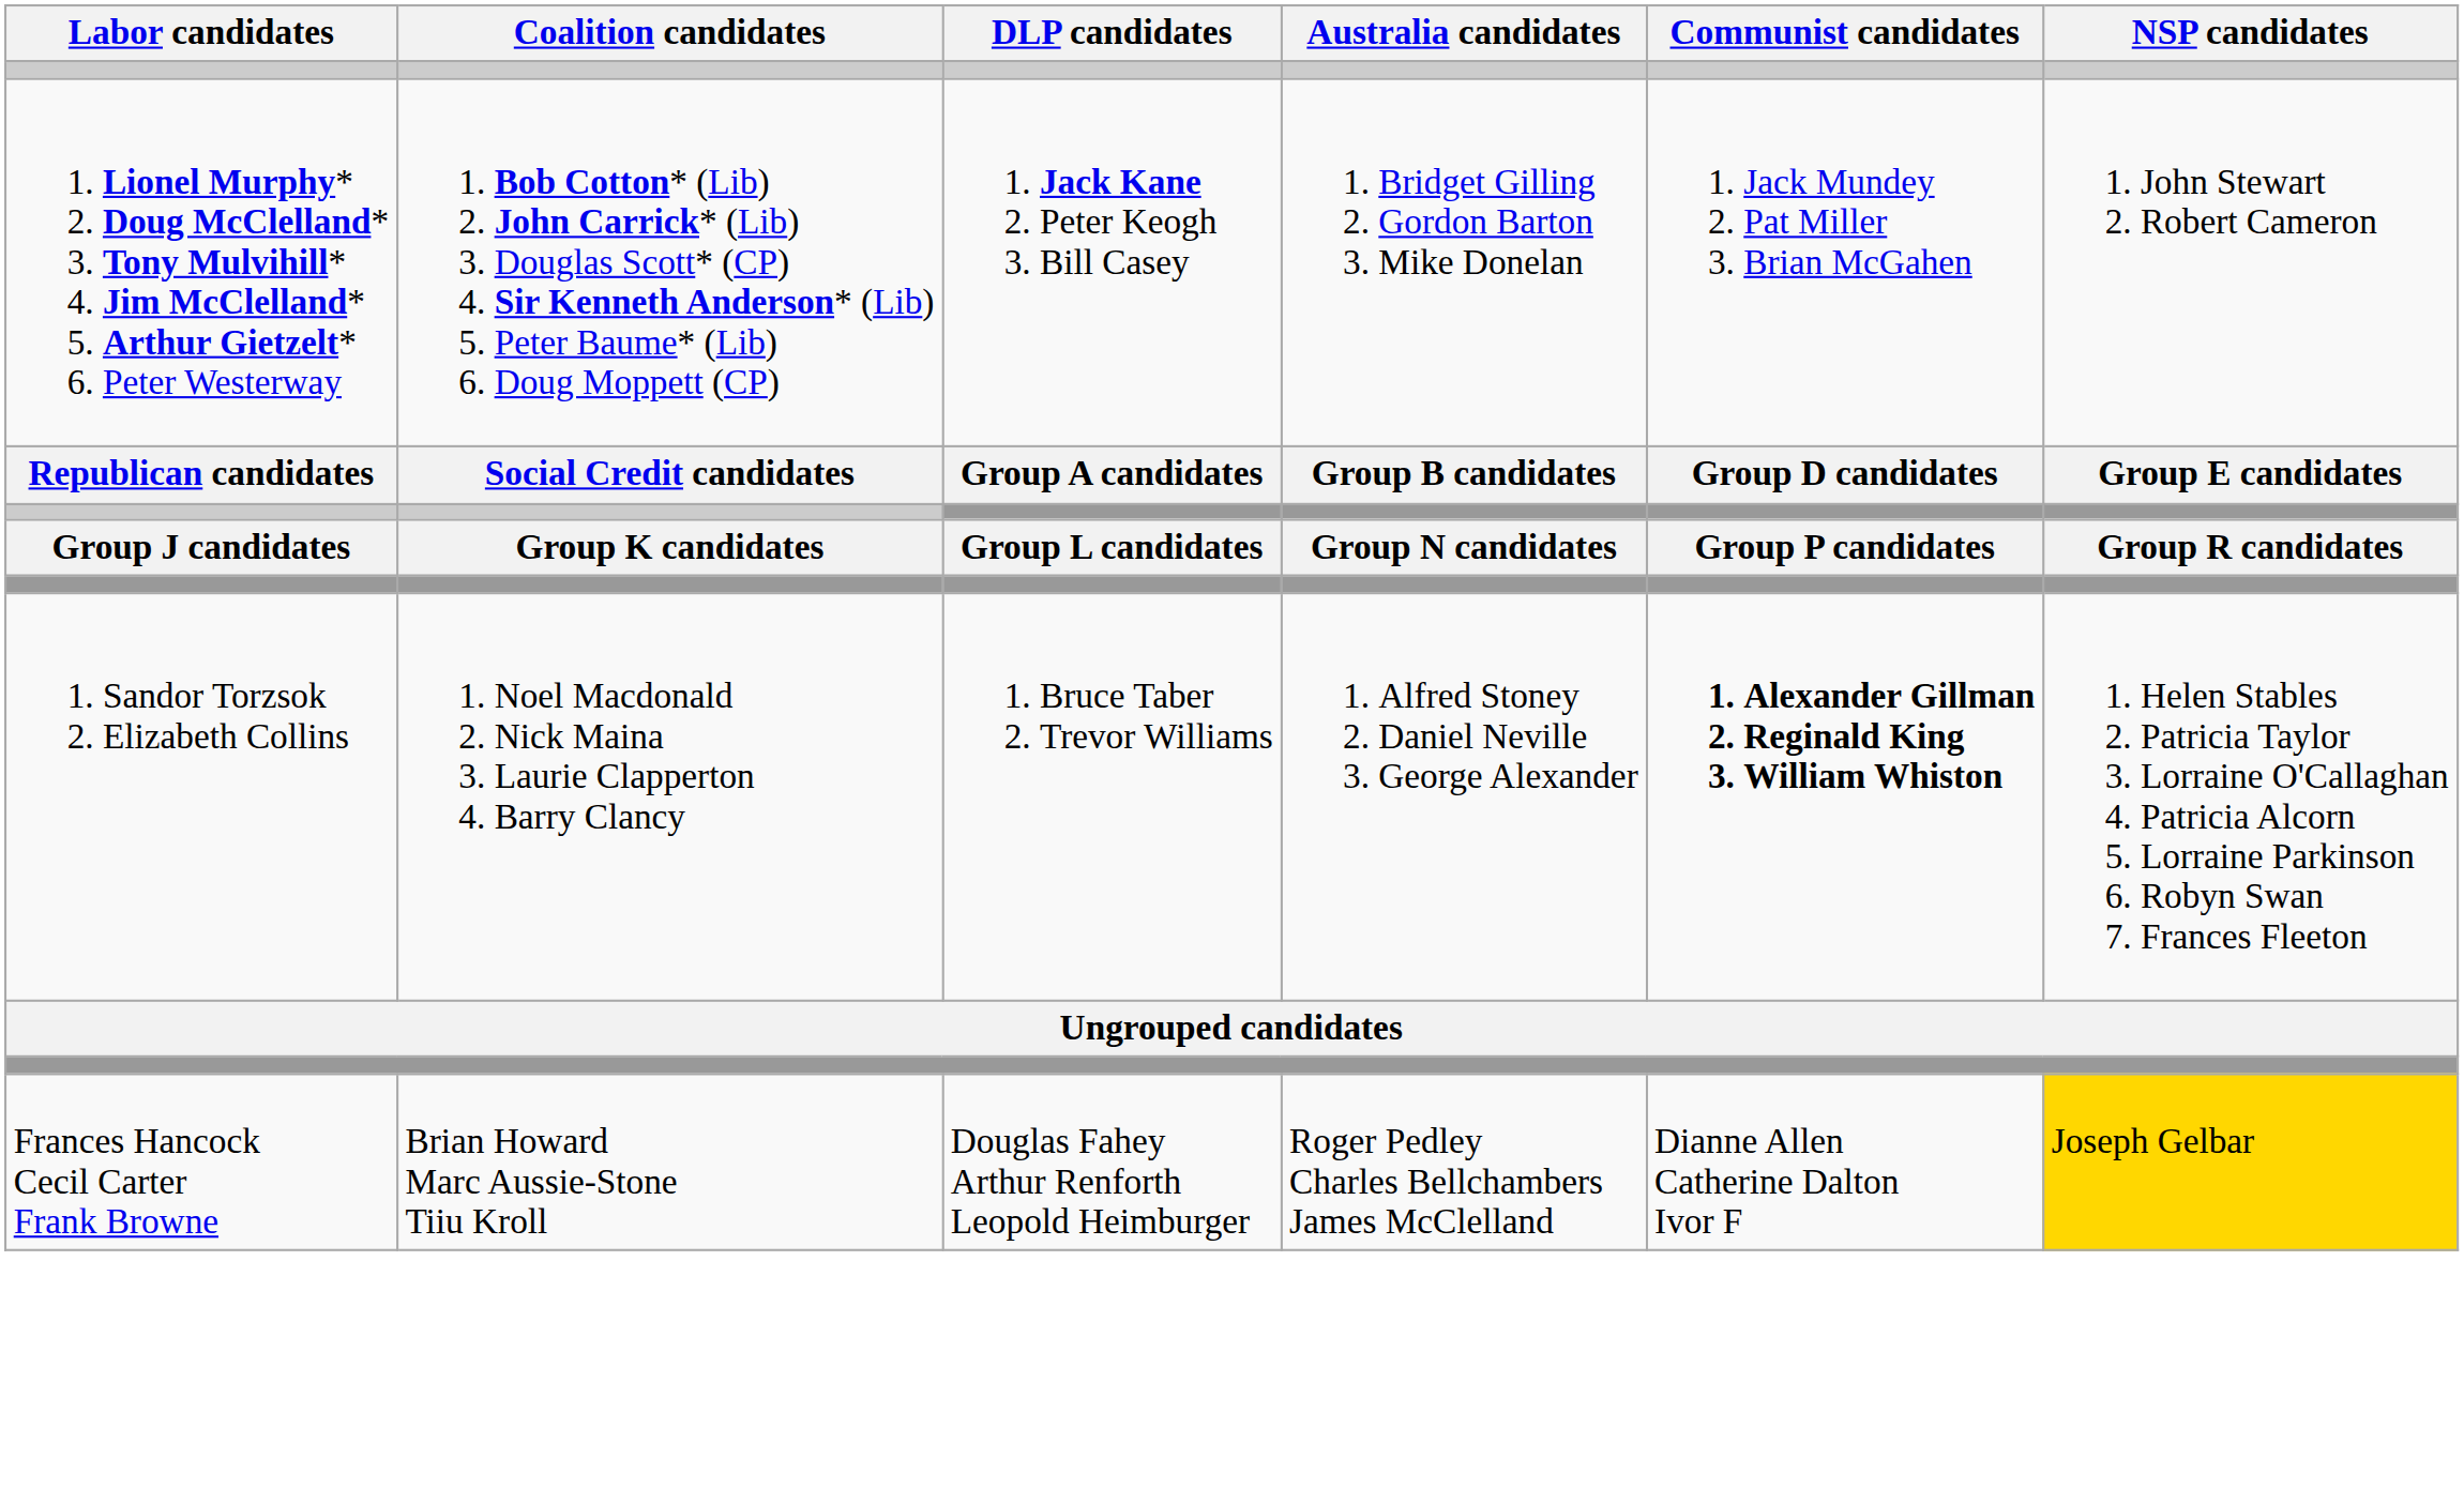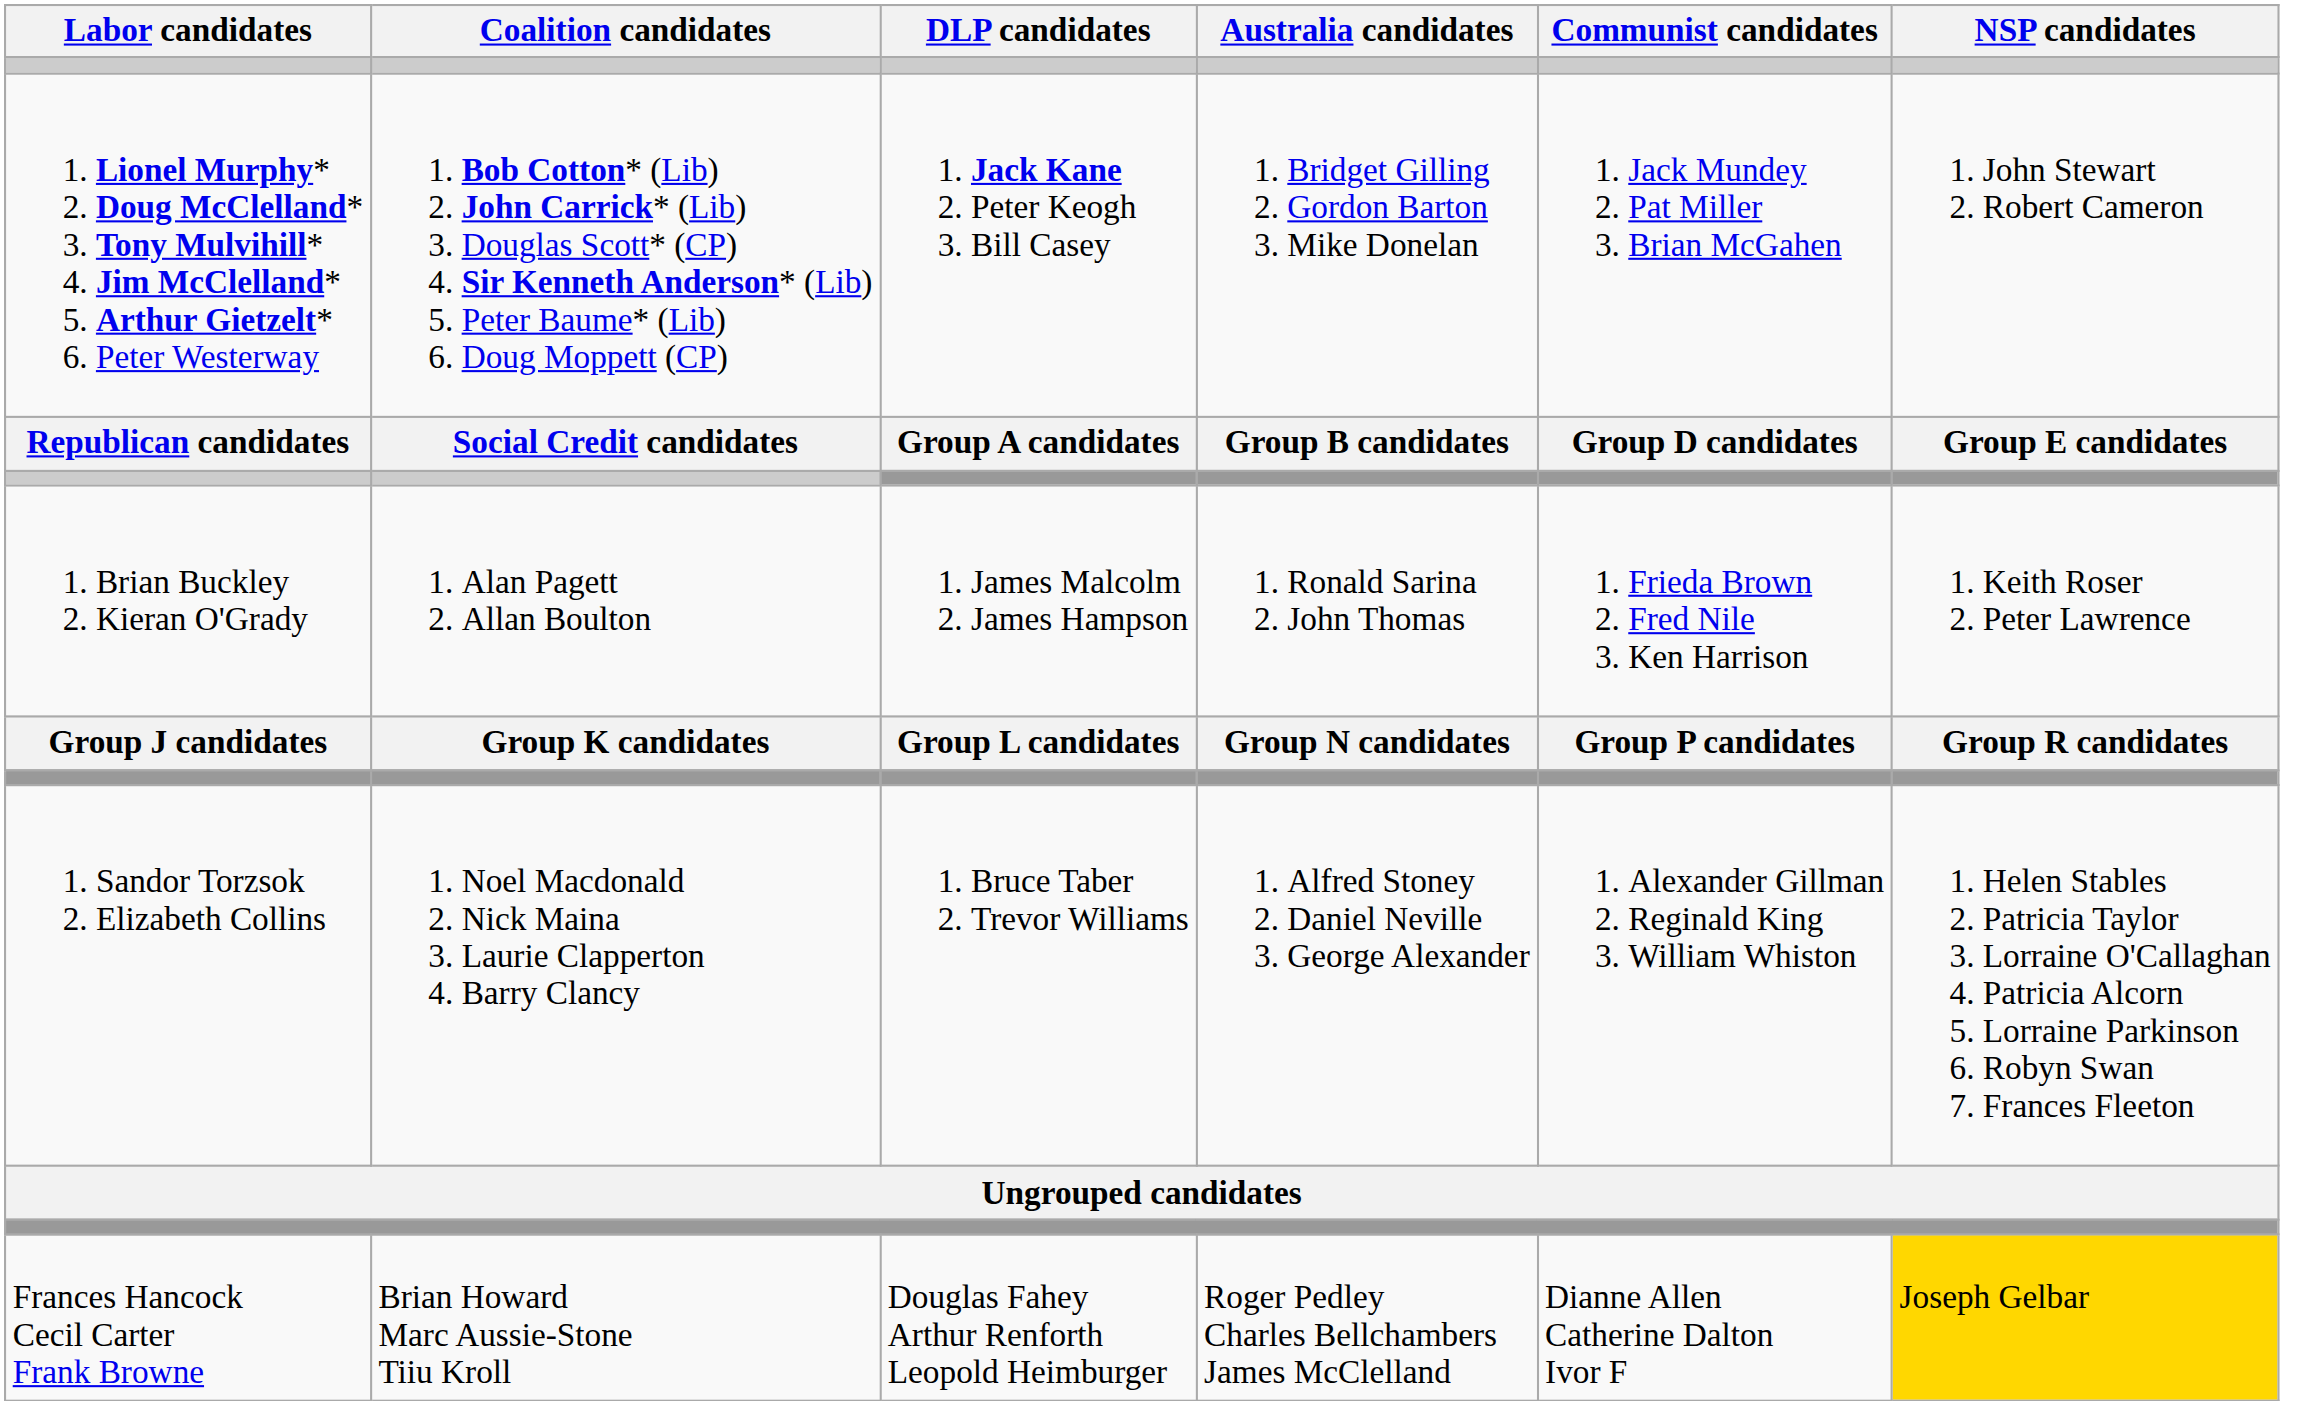 <table class="wikitable">
 <tr>
 <th><a href='#'>Labor</a> candidates</th>
 <th><a href='#'>Coalition</a> candidates</th>
 <th><a href='#'>DLP</a> candidates</th>
 <th><a href='#'>Australia</a> candidates</th>
 <th><a href='#'>Communist</a> candidates</th>
 <th><a href='#'>NSP</a> candidates</th>
 </tr>
 <tr bgcolor="#cccccc">
 <td></td>
 <td></td>
 <td></td>
 <td></td>
 <td></td>
 <td></td>
 </tr>
 <tr>
 <td><br><ol><li><strong><a href='#'>Lionel Murphy</a></strong>*</li><li><strong><a href='#'>Doug McClelland</a></strong>*</li><li><strong><a href='#'>Tony Mulvihill</a></strong>*</li><li><strong><a href='#'>Jim McClelland</a></strong>*</li><li><strong><a href='#'>Arthur Gietzelt</a></strong>*</li><li><a href='#'>Peter Westerway</a></li></ol></td>
 <td><br><ol><li><strong><a href='#'>Bob Cotton</a></strong>* (<a href='#'>Lib</a>)</li><li><strong><a href='#'>John Carrick</a></strong>* (<a href='#'>Lib</a>)</li><li><a href='#'>Douglas Scott</a>* (<a href='#'>CP</a>)</li><li><strong><a href='#'>Sir Kenneth Anderson</a></strong>* (<a href='#'>Lib</a>)</li><li><a href='#'>Peter Baume</a>* (<a href='#'>Lib</a>)</li><li><a href='#'>Doug Moppett</a> (<a href='#'>CP</a>)</li></ol></td>
 <td valign=top><br><ol><li><strong><a href='#'>Jack Kane</a></strong></li><li>Peter Keogh</li><li>Bill Casey</li></ol></td>
 <td valign=top><br><ol><li><a href='#'>Bridget Gilling</a></li><li><a href='#'>Gordon Barton</a></li><li>Mike Donelan</li></ol></td>
 <td valign=top><br><ol><li><a href='#'>Jack Mundey</a></li><li><a href='#'>Pat Miller</a></li><li><a href='#'>Brian McGahen</a></li></ol></td>
 <td valign=top><br><ol><li>John Stewart</li><li>Robert Cameron</li></ol></td>
 </tr>
 <tr bgcolor="#cccccc">
 <th><a href='#'>Republican</a> candidates</th>
 <th><a href='#'>Social Credit</a> candidates</th>
 <th>Group A candidates</th>
 <th>Group B candidates</th>
 <th>Group D candidates</th>
 <th>Group E candidates</th>
 </tr>
 <tr bgcolor="#cccccc">
 <td></td>
 <td></td>
 <td bgcolor="#999999"></td>
 <td bgcolor="#999999"></td>
 <td bgcolor="#999999"></td>
 <td bgcolor="#999999"></td>
 </tr>
+<tr>
+<td valign=top><br><ol><li>Brian Buckley</li><li>Kieran O'Grady</li></ol></td>
+<td valign=top><br><ol><li>Alan Pagett</li><li>Allan Boulton</li></ol></td>
+<td valign=top><br><ol><li>James Malcolm</li><li>James Hampson</li></ol></td>
+<td valign=top><br><ol><li>Ronald Sarina</li><li>John Thomas</li></ol></td>
+<td valign=top><br><ol><li><a href='#'>Frieda Brown</a></li><li><a href='#'>Fred Nile</a></li><li>Ken Harrison</li></ol></td>
+<td valign=top><br><ol><li>Keith Roser</li><li>Peter Lawrence</li></ol></td>
+</tr>
 <tr bgcolor="#cccccc">
 <th>Group J candidates</th>
 <th>Group K candidates</th>
 <th>Group L candidates</th>
 <th>Group N candidates</th>
 <th>Group P candidates</th>
 <th>Group R candidates</th>
 </tr>
 <tr bgcolor="#cccccc">
 <td bgcolor="#999999"></td>
 <td bgcolor="#999999"></td>
 <td bgcolor="#999999"></td>
 <td bgcolor="#999999"></td>
 <td bgcolor="#999999"></td>
 <td bgcolor="#999999"></td>
 </tr>
 <tr>
 <td valign=top><br><ol><li>Sandor Torzsok</li><li>Elizabeth Collins</li></ol></td>
 <td valign=top><br><ol><li>Noel Macdonald</li><li>Nick Maina</li><li>Laurie Clapperton</li><li>Barry Clancy</li></ol></td>
 <td valign=top><br><ol><li>Bruce Taber</li><li>Trevor Williams</li></ol></td>
 <td valign=top><br><ol><li>Alfred Stoney</li><li>Daniel Neville</li><li>George Alexander</li></ol></td>
-<td valign=top><strong><br><ol><li>Alexander Gillman</li><li>Reginald King</li><li>William Whiston</li></ol></strong></td>
+<td valign=top><br><ol><li>Alexander Gillman</li><li>Reginald King</li><li>William Whiston</li></ol></td>
 <td valign=top><br><ol><li>Helen Stables</li><li>Patricia Taylor</li><li>Lorraine O'Callaghan</li><li>Patricia Alcorn</li><li>Lorraine Parkinson</li><li>Robyn Swan</li><li>Frances Fleeton</li></ol></td>
 </tr>
 <tr bgcolor="#cccccc">
 <th colspan="6">Ungrouped candidates</th>
 </tr>
 <tr bgcolor="#cccccc">
 <td colspan="6" bgcolor="#999999"></td>
 </tr>
 <tr>
 <td valign=top><br>Frances Hancock<br> Cecil Carter<br> <a href='#'>Frank Browne</a></td>
 <td valign=top><br>Brian Howard<br> Marc Aussie-Stone<br> Tiiu Kroll</td>
 <td valign=top><br>Douglas Fahey<br> Arthur Renforth<br> Leopold Heimburger</td>
 <td valign=top><br>Roger Pedley<br> Charles Bellchambers<br> James McClelland</td>
 <td valign=top><br>Dianne Allen<br> Catherine Dalton<br> Ivor F</td>
 <td valign=top style="background: gold;"><br>Joseph Gelbar</td>
 </tr>
 </table>
